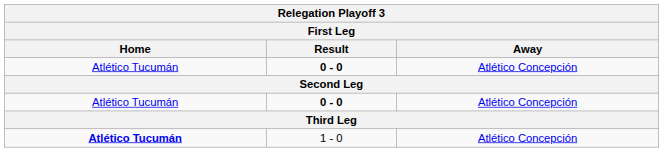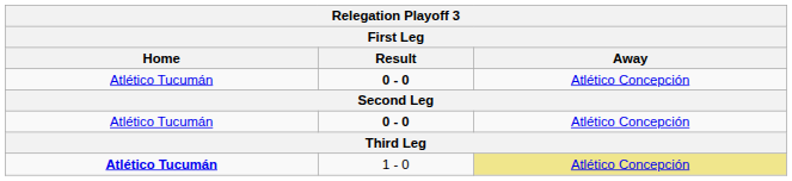 <table align=center class="wikitable collapsed" style="font-size:95%; text-align: center; width: 70%;">
 <tr>
 <th colspan=100% style="with: 100%;" align=center>Relegation Playoff 3</th>
 </tr>
 <tr>
 <th colspan=100% style="with: 75%;" align=center>First Leg</th>
 </tr>
 <tr>
 <th width=30%>Home</th>
 <th width=15%>Result</th>
 <th width=30%>Away</th>
 </tr>
 <tr align=center>
 <td><a href='#'>Atlético Tucumán</a></td>
 <td><strong>0 - 0</strong></td>
 <td><a href='#'>Atlético Concepción</a></td>
 </tr>
 <tr>
 <th colspan=100% style="with: 75%;" align=center>Second Leg</th>
 </tr>
 <tr align=center>
 <td><a href='#'>Atlético Tucumán</a></td>
 <td><strong>0 - 0</strong></td>
 <td><a href='#'>Atlético Concepción</a></td>
 </tr>
 <tr>
 <th colspan=100% style="with: 75%;" align=center>Third Leg</th>
 </tr>
 <tr align=center>
 <td><strong><a href='#'>Atlético Tucumán</a></strong></td>
 <td>1 - 0</td>
-<td><a href='#'>Atlético Concepción</a></td>
+<td style="background: khaki;"><a href='#'>Atlético Concepción</a></td>
 </tr>
 </table>
